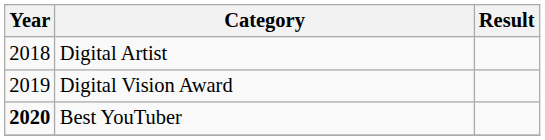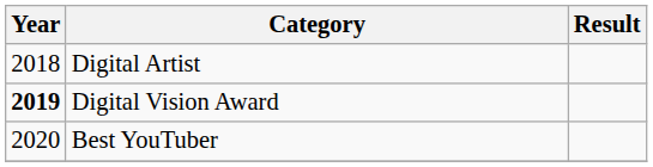 <table class="wikitable">
 <tr>
 <th width="10">Year</th>
 <th width="320">Category</th>
 <th width="30">Result</th>
 </tr>
 <tr>
 <td>2018</td>
 <td>Digital Artist</td>
 <td></td>
 </tr>
 <tr>
-<td>2019</td>
+<td><strong>2019</strong></td>
 <td>Digital Vision Award</td>
 <td></td>
 </tr>
 <tr>
-<td><strong>2020</strong></td>
+<td>2020</td>
 <td>Best YouTuber</td>
 <td></td>
 </tr>
 <tr>
 </tr>
 </table>
